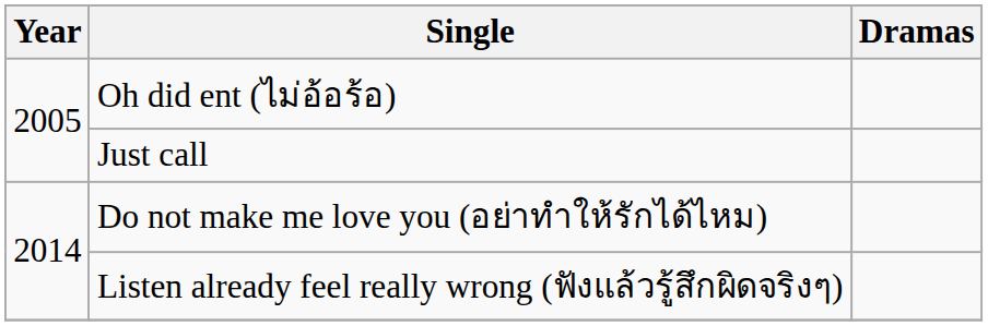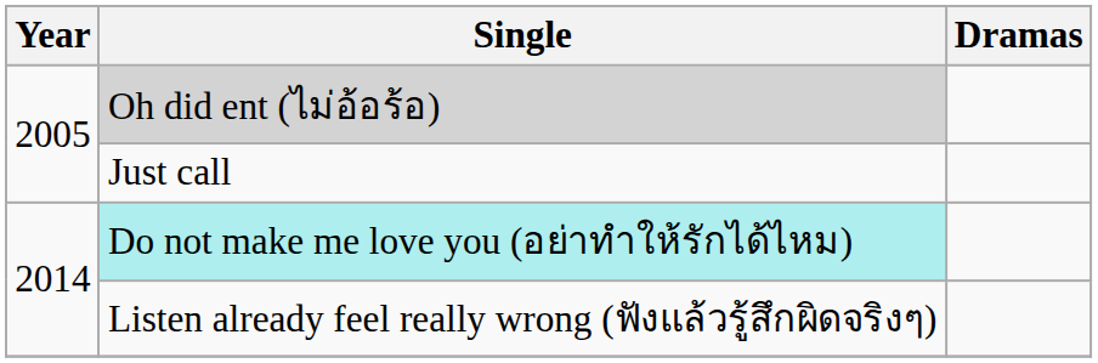 <table class="wikitable">
 <tr>
 <th>Year</th>
 <th>Single</th>
 <th>Dramas</th>
 </tr>
 <tr>
 <td rowspan=2>2005</td>
-<td>Oh did ent (ไม่อ้อร้อ)</td>
+<td style="background: lightgrey;">Oh did ent (ไม่อ้อร้อ)</td>
 <td></td>
 </tr>
 <tr>
 <td>Just call</td>
 <td></td>
 </tr>
 <tr>
 <td rowspan=2>2014</td>
-<td>Do not make me love you (อย่าทำให้รักได้ไหม)</td>
+<td style="background: paleturquoise;">Do not make me love you (อย่าทำให้รักได้ไหม)</td>
 <td></td>
 </tr>
 <tr>
 <td>Listen already feel really wrong (ฟังแล้วรู้สึกผิดจริงๆ)</td>
 <td></td>
 </tr>
 <tr>
 </tr>
 </table>
